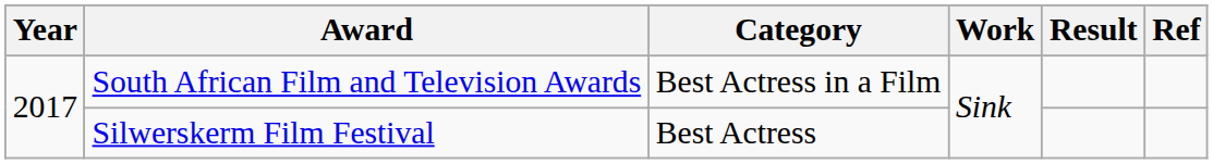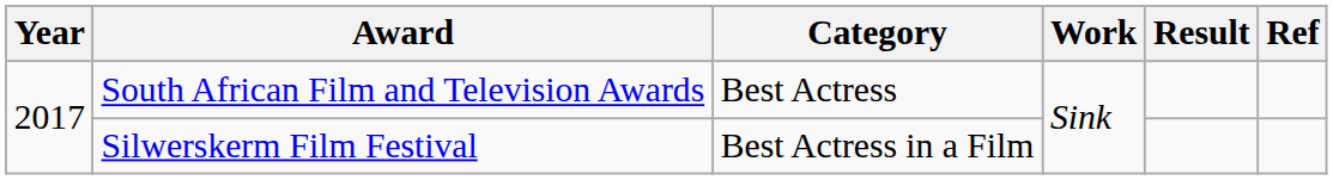 <table class="wikitable plainrowheaders">
 <tr>
 <th>Year</th>
 <th>Award</th>
 <th>Category</th>
 <th>Work</th>
 <th>Result</th>
 <th>Ref</th>
 </tr>
 <tr>
 <td rowspan="2">2017</td>
 <td><a href='#'>South African Film and Television Awards</a></td>
-<td>Best Actress in a Film</td>
+<td>Best Actress</td>
 <td rowspan="2"><em>Sink</em></td>
 <td></td>
 <td></td>
 </tr>
 <tr>
 <td><a href='#'>Silwerskerm Film Festival</a></td>
-<td>Best Actress</td>
+<td>Best Actress in a Film</td>
 <td></td>
 <td></td>
 </tr>
 </table>
